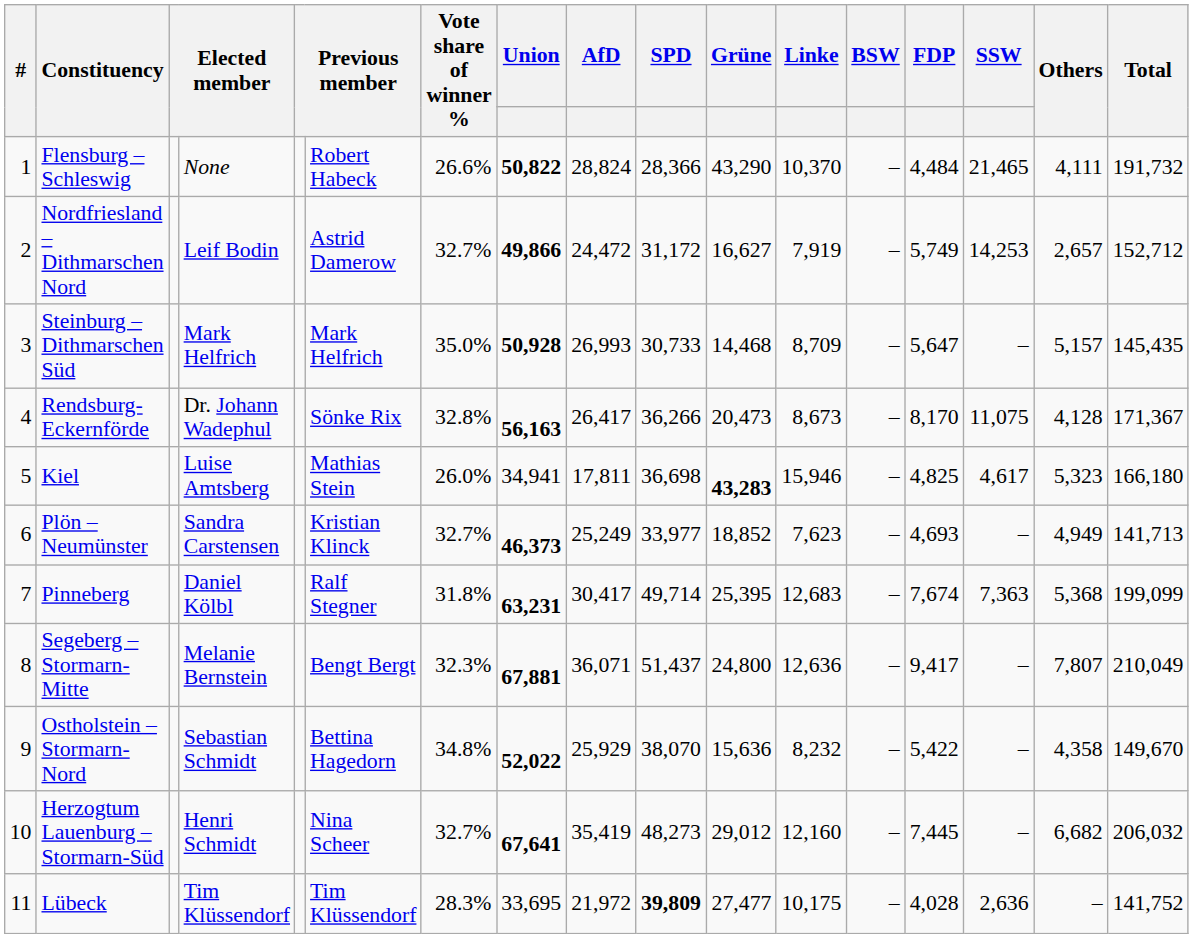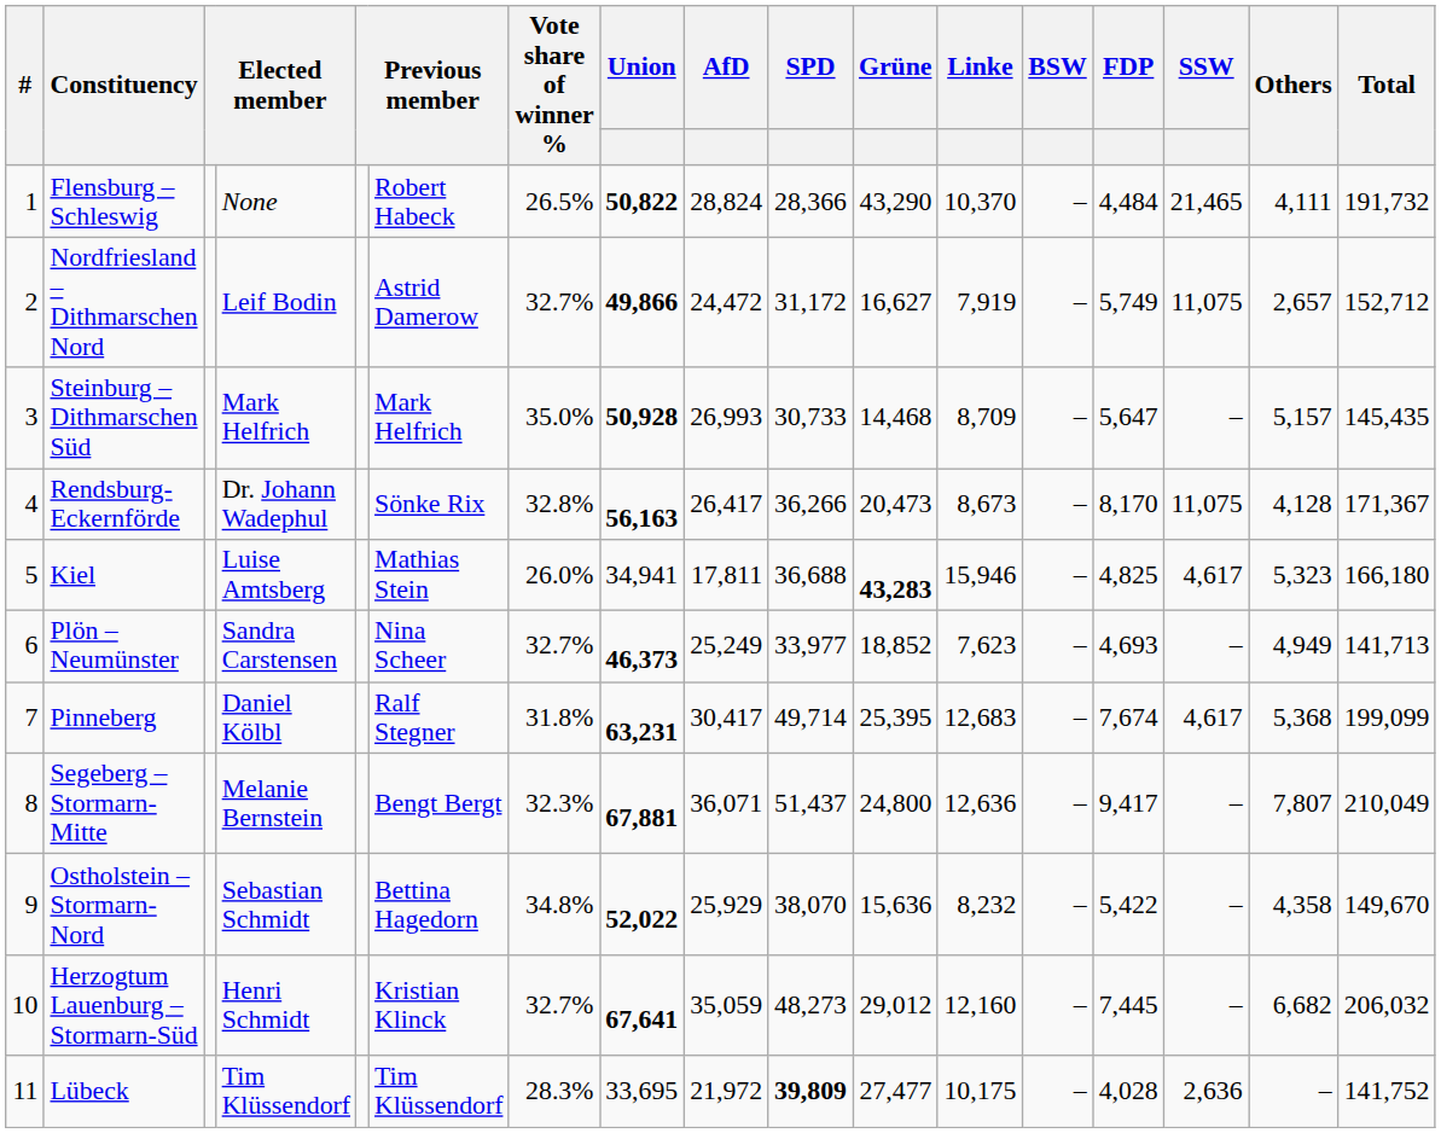 <table class="wikitable sortable" style="text-align:right">
 <tr>
 <th rowspan="2">#</th>
 <th rowspan="2">Constituency</th>
 <th rowspan="2" colspan="2">Elected member</th>
 <th rowspan="2" colspan="2">Previous member</th>
 <th rowspan="2">Vote share of winner %</th>
 <th class="wikitable sortable" style="width:40px;"><a href='#'>Union</a></th>
 <th class="wikitable sortable" style="width:40px;"><a href='#'>AfD</a></th>
 <th class="wikitable sortable" style="width:40px;"><a href='#'>SPD</a></th>
 <th class="wikitable sortable" style="width:40px;"><a href='#'>Grüne</a></th>
 <th class="wikitable sortable" style="width:40px;"><a href='#'>Linke</a></th>
 <th class="wikitable sortable" style="width:40px;"><a href='#'>BSW</a></th>
 <th class="wikitable sortable" style="width:40px;"><a href='#'>FDP</a></th>
 <th class="wikitable sortable" style="width:40px;"><a href='#'>SSW</a></th>
 <th class="wikitable sortable" style="width:40px;" rowspan="2">Others</th>
 <th class="wikitable sortable" style="width:40px;" rowspan="2">Total</th>
 </tr>
 <tr>
 <th class="wikitable sortable" style="background:"></th>
 <th class="wikitable sortable" style="background:"></th>
 <th class="wikitable sortable" style="background:"></th>
 <th class="wikitable sortable" style="background:"></th>
 <th class="wikitable sortable" style="background:"></th>
 <th class="wikitable sortable" style="background:"></th>
 <th class="wikitable sortable" style="background:"></th>
 <th class="wikitable sortable" style="background:"></th>
 </tr>
 <tr>
 <td>1</td>
 <td align=left><a href='#'>Flensburg – Schleswig</a></td>
 <td bgcolor=></td>
 <td align=left><em>None</em></td>
 <td bgcolor=></td>
 <td align=left><a href='#'>Robert Habeck</a></td>
-<td>26.6%</td>
+<td>26.5%</td>
 <td><strong>50,822</strong></td>
 <td>28,824</td>
 <td>28,366</td>
 <td>43,290</td>
 <td>10,370</td>
 <td>–</td>
 <td>4,484</td>
 <td>21,465</td>
 <td>4,111</td>
 <td>191,732</td>
 </tr>
 <tr>
 <td>2</td>
 <td align=left><a href='#'>Nordfriesland – Dithmarschen Nord</a></td>
 <td bgcolor=></td>
 <td align=left><a href='#'>Leif Bodin</a></td>
 <td bgcolor=></td>
 <td align=left><a href='#'>Astrid Damerow</a></td>
 <td>32.7%</td>
 <td><strong>49,866</strong></td>
 <td>24,472</td>
 <td>31,172</td>
 <td>16,627</td>
 <td>7,919</td>
 <td>–</td>
 <td>5,749</td>
-<td>14,253</td>
+<td>11,075</td>
 <td>2,657</td>
 <td>152,712</td>
 </tr>
 <tr>
 <td>3</td>
 <td align=left><a href='#'>Steinburg – Dithmarschen Süd</a></td>
 <td bgcolor=></td>
 <td align=left><a href='#'>Mark Helfrich</a></td>
 <td bgcolor=></td>
 <td align=left><a href='#'>Mark Helfrich</a></td>
 <td>35.0%</td>
 <td><strong>50,928</strong></td>
 <td>26,993</td>
 <td>30,733</td>
 <td>14,468</td>
 <td>8,709</td>
 <td>–</td>
 <td>5,647</td>
 <td>–</td>
 <td>5,157</td>
 <td>145,435</td>
 </tr>
 <tr>
 <td>4</td>
 <td align=left><a href='#'>Rendsburg-Eckernförde</a></td>
 <td bgcolor=></td>
 <td align=left>Dr. <a href='#'>Johann Wadephul</a></td>
 <td bgcolor=></td>
 <td align=left><a href='#'>Sönke Rix</a></td>
 <td>32.8%</td>
 <td><br><strong>56,163</strong></td>
 <td>26,417</td>
 <td>36,266</td>
 <td>20,473</td>
 <td>8,673</td>
 <td>–</td>
 <td>8,170</td>
 <td>11,075</td>
 <td>4,128</td>
 <td>171,367</td>
 </tr>
 <tr>
 <td>5</td>
 <td align=left><a href='#'>Kiel</a></td>
 <td bgcolor=></td>
 <td align=left><a href='#'>Luise Amtsberg</a></td>
 <td bgcolor=></td>
 <td align=left><a href='#'>Mathias Stein</a></td>
 <td>26.0%</td>
 <td>34,941</td>
 <td>17,811</td>
-<td>36,698</td>
+<td>36,688</td>
 <td><br><strong>43,283</strong></td>
 <td>15,946</td>
 <td>–</td>
 <td>4,825</td>
 <td>4,617</td>
 <td>5,323</td>
 <td>166,180</td>
 </tr>
 <tr>
 <td>6</td>
 <td align=left><a href='#'>Plön – Neumünster</a></td>
 <td bgcolor=></td>
 <td align=left><a href='#'>Sandra Carstensen</a></td>
 <td bgcolor=></td>
-<td align=left><a href='#'>Kristian Klinck</a></td>
+<td align=left><a href='#'>Nina Scheer</a></td>
 <td>32.7%</td>
 <td><br><strong>46,373</strong></td>
 <td>25,249</td>
 <td>33,977</td>
 <td>18,852</td>
 <td>7,623</td>
 <td>–</td>
 <td>4,693</td>
 <td>–</td>
 <td>4,949</td>
 <td>141,713</td>
 </tr>
 <tr>
 <td>7</td>
 <td align=left><a href='#'>Pinneberg</a></td>
 <td bgcolor=></td>
 <td align=left><a href='#'>Daniel Kölbl</a></td>
 <td bgcolor=></td>
 <td align=left><a href='#'>Ralf Stegner</a></td>
 <td>31.8%</td>
 <td><br><strong>63,231</strong></td>
 <td>30,417</td>
 <td>49,714</td>
 <td>25,395</td>
 <td>12,683</td>
 <td>–</td>
 <td>7,674</td>
-<td>7,363</td>
+<td>4,617</td>
 <td>5,368</td>
 <td>199,099</td>
 </tr>
 <tr>
 <td>8</td>
 <td align=left><a href='#'>Segeberg – Stormarn-Mitte</a></td>
 <td bgcolor=></td>
 <td align=left><a href='#'>Melanie Bernstein</a></td>
 <td bgcolor=></td>
 <td align=left><a href='#'>Bengt Bergt</a></td>
 <td>32.3%</td>
 <td><br><strong>67,881</strong></td>
 <td>36,071</td>
 <td>51,437</td>
 <td>24,800</td>
 <td>12,636</td>
 <td>–</td>
 <td>9,417</td>
 <td>–</td>
 <td>7,807</td>
 <td>210,049</td>
 </tr>
 <tr>
 <td>9</td>
 <td align=left><a href='#'>Ostholstein – Stormarn-Nord</a></td>
 <td bgcolor=></td>
 <td align=left><a href='#'>Sebastian Schmidt</a></td>
 <td bgcolor=></td>
 <td align=left><a href='#'>Bettina Hagedorn</a></td>
 <td>34.8%</td>
 <td><br><strong>52,022</strong></td>
 <td>25,929</td>
 <td>38,070</td>
 <td>15,636</td>
 <td>8,232</td>
 <td>–</td>
 <td>5,422</td>
 <td>–</td>
 <td>4,358</td>
 <td>149,670</td>
 </tr>
 <tr>
 <td>10</td>
 <td align=left><a href='#'>Herzogtum Lauenburg – Stormarn-Süd</a></td>
 <td bgcolor=></td>
 <td align=left><a href='#'>Henri Schmidt</a></td>
 <td bgcolor=></td>
-<td align=left><a href='#'>Nina Scheer</a></td>
+<td align=left><a href='#'>Kristian Klinck</a></td>
 <td>32.7%</td>
 <td><br><strong>67,641</strong></td>
-<td>35,419</td>
+<td>35,059</td>
 <td>48,273</td>
 <td>29,012</td>
 <td>12,160</td>
 <td>–</td>
 <td>7,445</td>
 <td>–</td>
 <td>6,682</td>
 <td>206,032</td>
 </tr>
 <tr>
 <td>11</td>
 <td align=left><a href='#'>Lübeck</a></td>
 <td bgcolor=></td>
 <td align=left><a href='#'>Tim Klüssendorf</a></td>
 <td bgcolor=></td>
 <td align=left><a href='#'>Tim Klüssendorf</a></td>
 <td>28.3%</td>
 <td>33,695</td>
 <td>21,972</td>
 <td><strong>39,809</strong></td>
 <td>27,477</td>
 <td>10,175</td>
 <td>–</td>
 <td>4,028</td>
 <td>2,636</td>
 <td>–</td>
 <td>141,752</td>
 </tr>
 </table>
